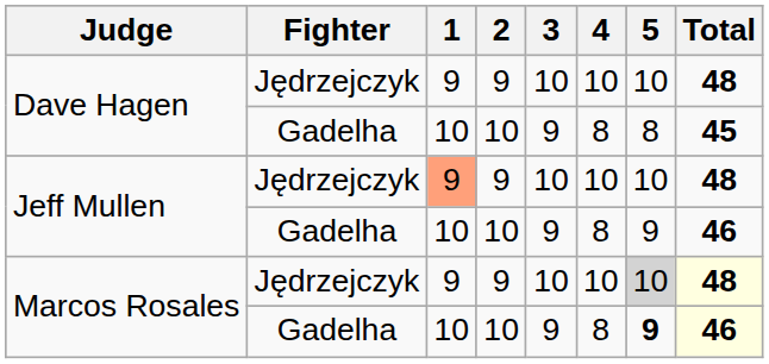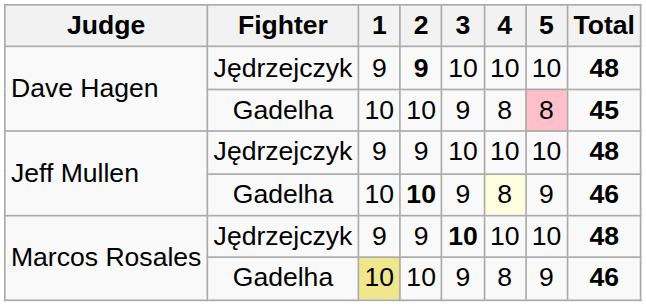 <table class="wikitable sortable" style="text-align:center">
 <tr>
 <th align="left">Judge</th>
 <th>Fighter</th>
 <th> 1 </th>
 <th> 2 </th>
 <th> 3 </th>
 <th> 4 </th>
 <th> 5 </th>
 <th>Total</th>
 </tr>
 <tr>
 <td align="left" rowspan=2>Dave Hagen</td>
 <td>Jędrzejczyk</td>
 <td>9</td>
-<td>9</td>
+<td><strong>9</strong></td>
 <td>10</td>
 <td>10</td>
 <td>10</td>
 <td><strong>48</strong></td>
 </tr>
 <tr>
 <td>Gadelha</td>
 <td>10</td>
 <td>10</td>
 <td>9</td>
 <td>8</td>
-<td>8</td>
+<td style="background: pink;">8</td>
 <td><strong>45</strong></td>
 </tr>
 <tr>
 <td align="left" rowspan=2>Jeff Mullen</td>
 <td>Jędrzejczyk</td>
-<td style="background: lightsalmon;">9</td>
+<td>9</td>
 <td>9</td>
 <td>10</td>
 <td>10</td>
 <td>10</td>
 <td><strong>48</strong></td>
 </tr>
 <tr>
 <td>Gadelha</td>
 <td>10</td>
-<td>10</td>
+<td><strong>10</strong></td>
 <td>9</td>
-<td>8</td>
+<td style="background: lightyellow;">8</td>
 <td>9</td>
 <td><strong>46</strong></td>
 </tr>
 <tr>
 <td align="left" rowspan=2>Marcos Rosales</td>
 <td>Jędrzejczyk</td>
 <td>9</td>
 <td>9</td>
+<td><strong>10</strong></td>
 <td>10</td>
 <td>10</td>
-<td style="background: lightgrey;">10</td>
-<td style="background: lightyellow;"><strong>48</strong></td>
+<td><strong>48</strong></td>
 </tr>
 <tr>
 <td>Gadelha</td>
-<td>10</td>
+<td style="background: khaki;">10</td>
 <td>10</td>
 <td>9</td>
 <td>8</td>
-<td><strong>9</strong></td>
-<td style="background: lightyellow;"><strong>46</strong></td>
+<td>9</td>
+<td><strong>46</strong></td>
 </tr>
 </table>
